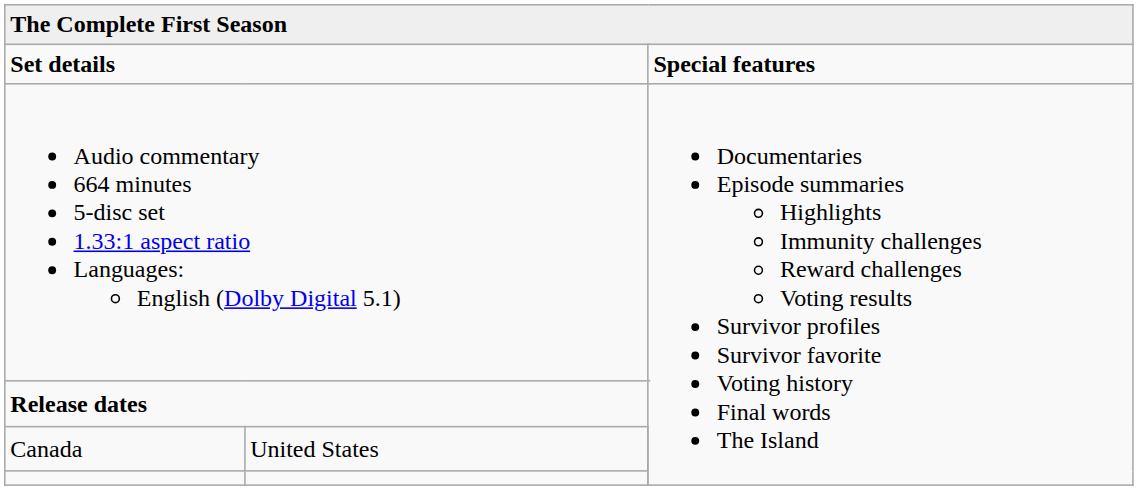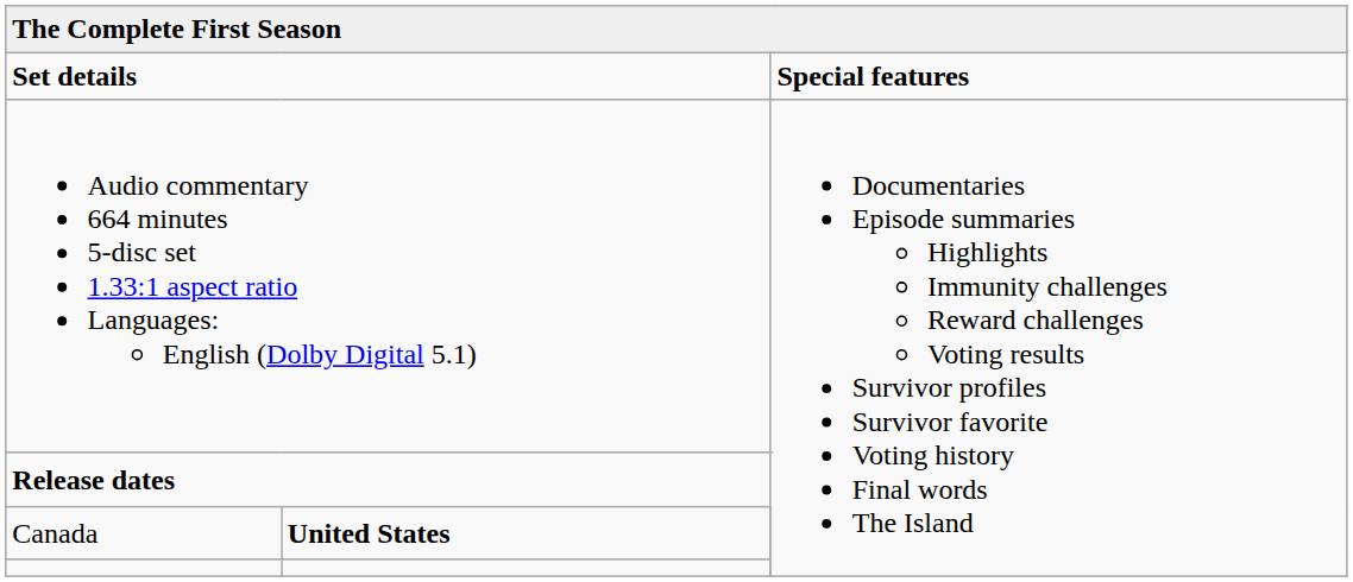 <table class="wikitable" style="font-size:95%;">
 <tr bgcolor="#efefef">
 <td colspan="5"><strong>The Complete First Season</strong></td>
 </tr>
 <tr valign="top">
 <td width="400" colspan="3"><strong>Set details</strong></td>
 <td width="300"><strong>Special features</strong></td>
 </tr>
 <tr valign="top">
 <td colspan="3" align="left" width="400"><br><ul><li>Audio commentary</li><li>664 minutes</li><li>5-disc set</li><li><a href='#'>1.33:1 aspect ratio</a></li><li>Languages:<ul><li>English (<a href='#'>Dolby Digital</a> 5.1)</li></ul></li></ul></td>
 <td rowspan="4" align="left" width="300"><br><ul><li>Documentaries</li><li>Episode summaries<ul><li>Highlights</li><li>Immunity challenges</li><li>Reward challenges</li><li>Voting results</li></ul></li><li>Survivor profiles</li><li>Survivor favorite</li><li>Voting history</li><li>Final words</li><li>The Island</li></ul></td>
 </tr>
 <tr>
 <td colspan="3"><strong>Release dates</strong></td>
 </tr>
 <tr>
 <td>Canada</td>
-<td>United States</td>
+<td><strong>United States</strong></td>
 </tr>
 <tr>
 <td></td>
 <td></td>
 </tr>
 </table>
